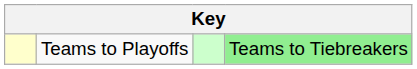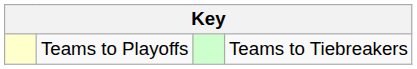 <table class="wikitable" style="text-align: center;">
 <tr>
 <th colspan=4>Key</th>
 </tr>
 <tr>
 <td style="background:#ffffcc; width:20px;"></td>
 <td align=left>Teams to Playoffs</td>
 <td style="background:#ccffcc; width:20px;"></td>
-<td align=left style="background: lightgreen;">Teams to Tiebreakers</td>
+<td align=left>Teams to Tiebreakers</td>
 </tr>
 </table>
